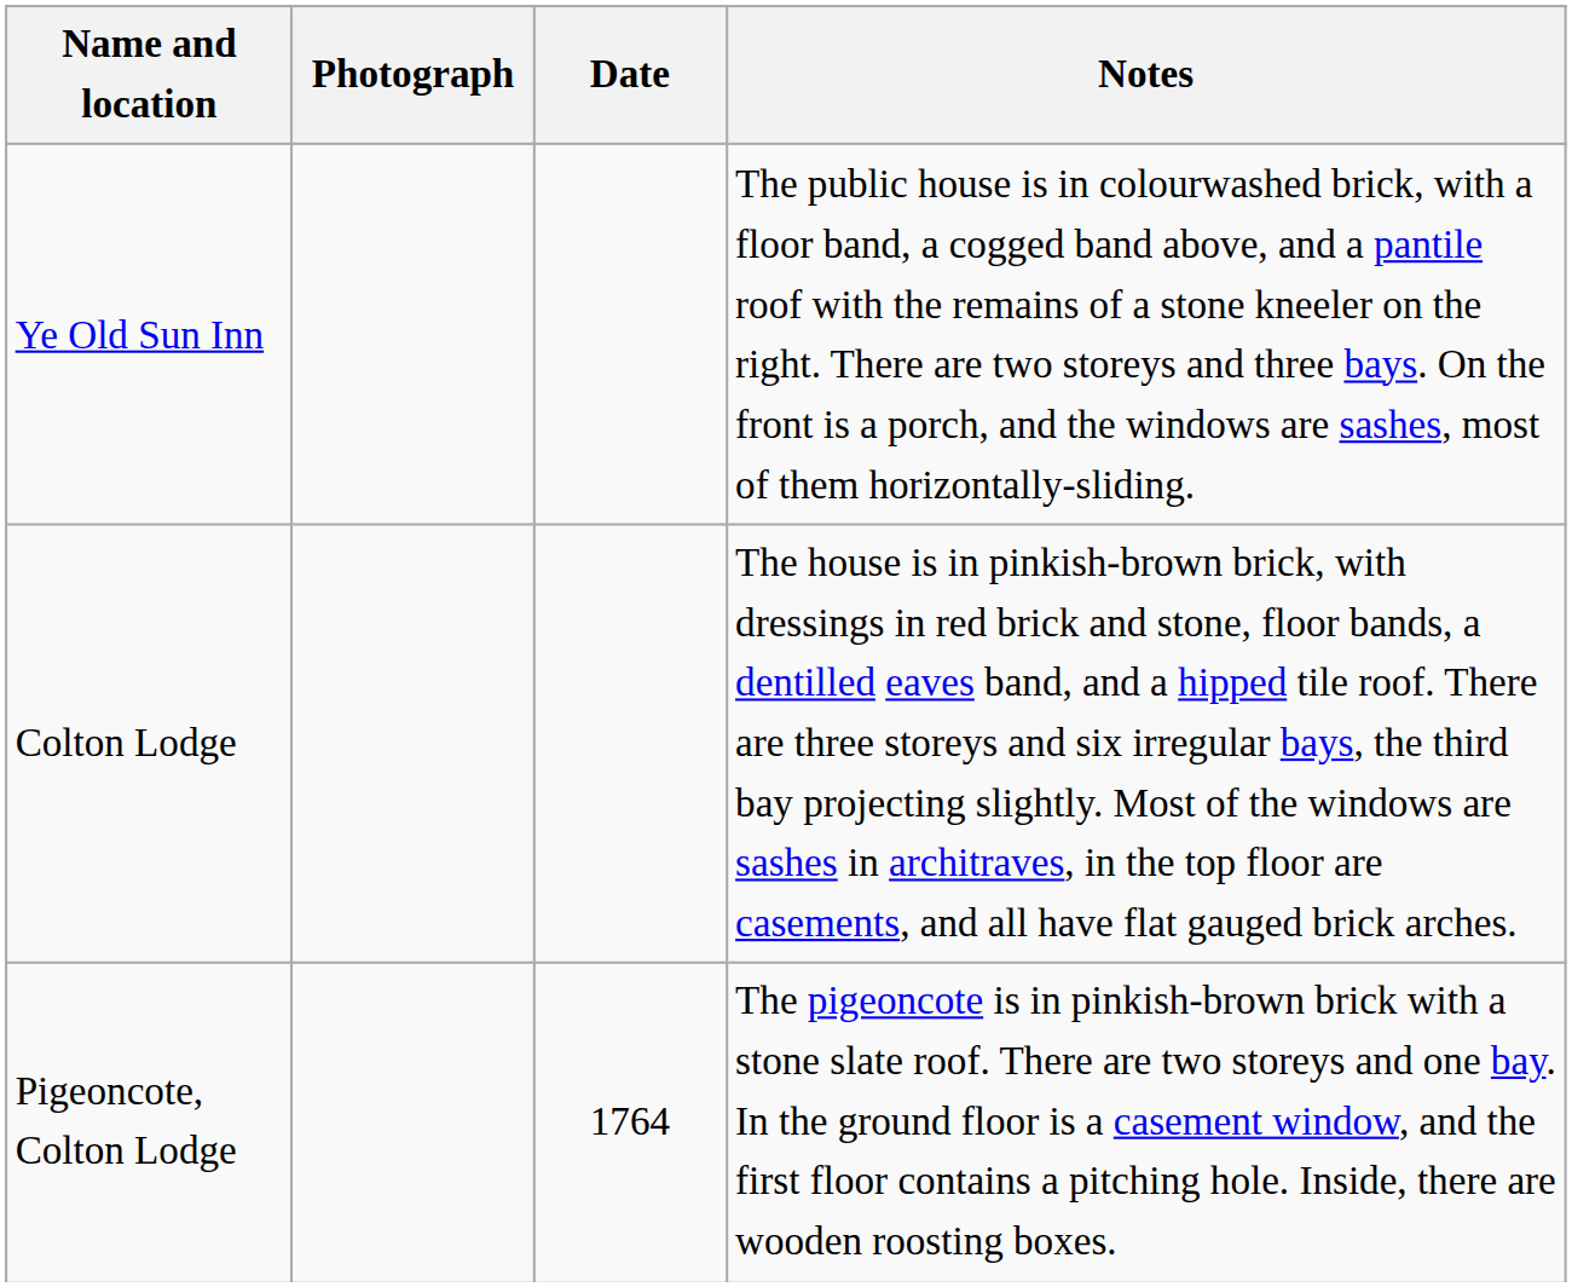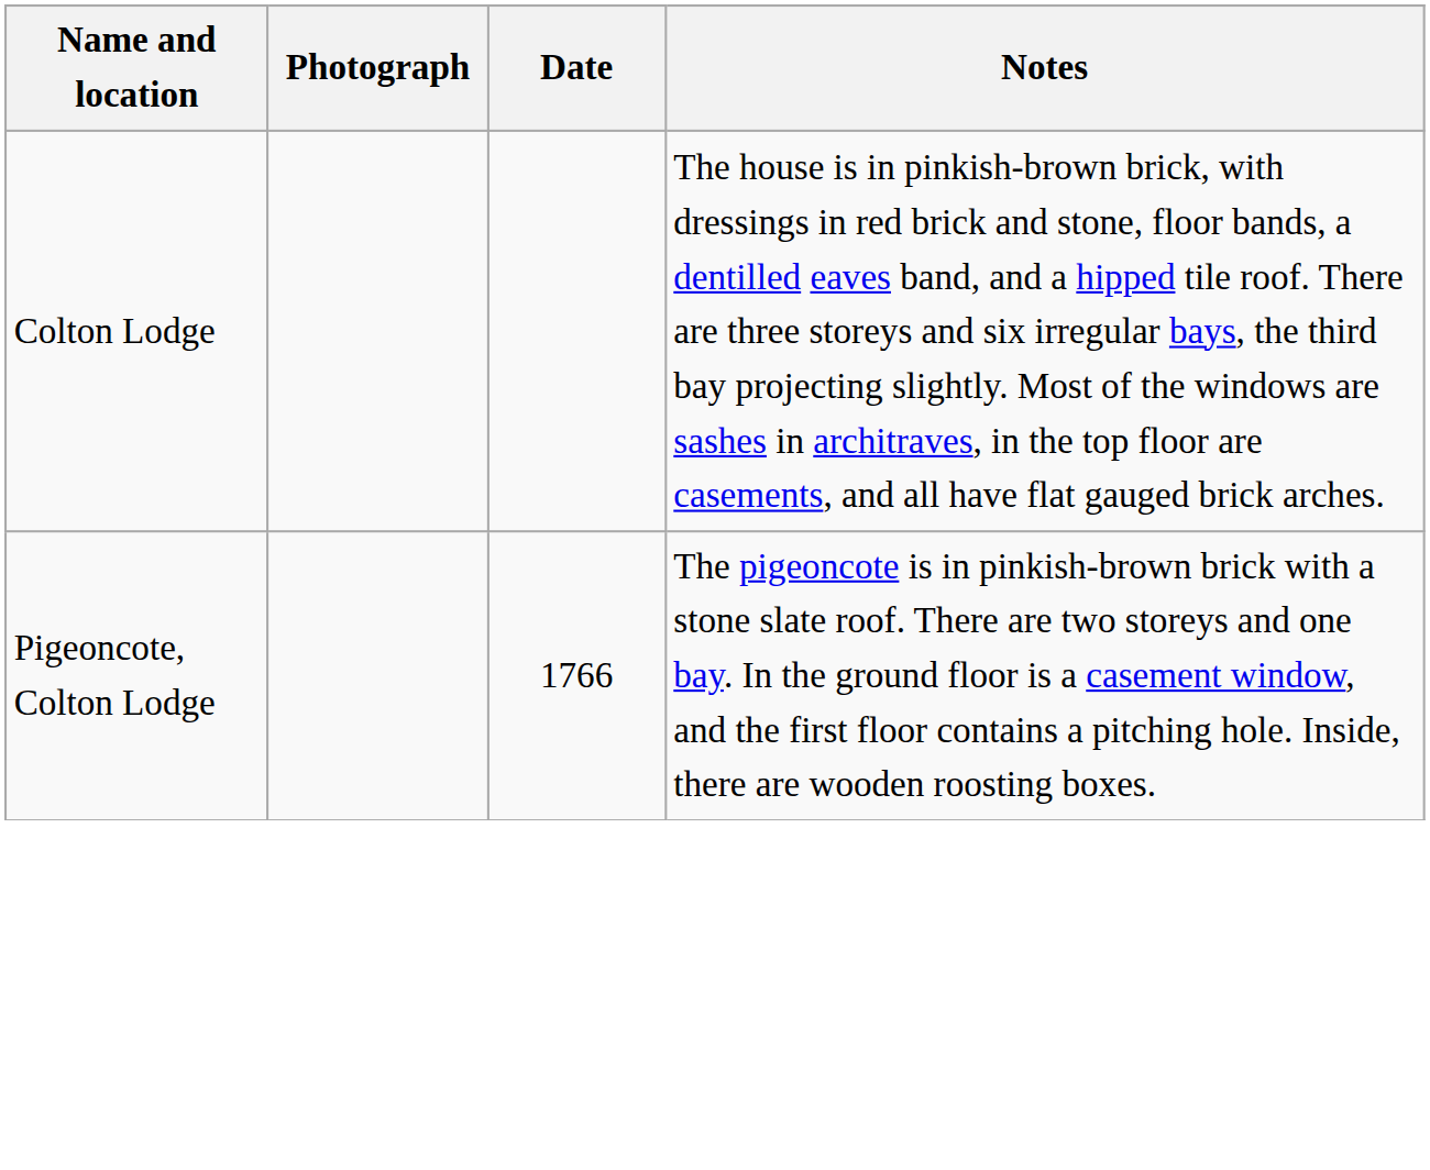 <table class="wikitable sortable plainrowheaders" style="width:100%;border:0px;text-align:left;line-height:150%;">
 <tr>
 <th scope="col"  style="width:150px">Name and location</th>
 <th scope="col"  style="width:100px" class="unsortable">Photograph</th>
 <th scope="col"  style="width:120px">Date</th>
 <th scope="col"  style="width:650px" class="unsortable">Notes</th>
-</tr>
-<tr>
-<td><a href='#'>Ye Old Sun Inn</a><br><small></small></td>
-<td></td>
-<td align="center"></td>
-<td>The public house is in colourwashed brick, with a floor band, a cogged band above, and a <a href='#'>pantile</a> roof with the remains of a stone kneeler on the right.  There are two storeys and three <a href='#'>bays</a>.  On the front is a porch, and the windows are <a href='#'>sashes</a>, most of them horizontally-sliding.</td>
 </tr>
 <tr>
 <td>Colton Lodge<br><small></small></td>
 <td></td>
 <td align="center"></td>
 <td>The house is in pinkish-brown brick, with dressings in red brick and stone, floor bands, a <a href='#'>dentilled</a> <a href='#'>eaves</a> band, and a <a href='#'>hipped</a> tile roof.  There are three storeys and six irregular <a href='#'>bays</a>, the third bay projecting slightly.  Most of the windows are <a href='#'>sashes</a> in <a href='#'>architraves</a>, in the top floor are <a href='#'>casements</a>, and all have flat gauged brick arches.</td>
 </tr>
 <tr>
 <td>Pigeoncote, Colton Lodge<br><small></small></td>
 <td></td>
-<td align="center">1764</td>
+<td align="center">1766</td>
 <td>The <a href='#'>pigeoncote</a> is in pinkish-brown brick with a stone slate roof.  There are two storeys and one <a href='#'>bay</a>.  In the ground floor is a <a href='#'>casement window</a>, and the first floor contains a pitching hole.  Inside, there are wooden roosting boxes.</td>
 </tr>
 <tr>
 </tr>
 </table>
